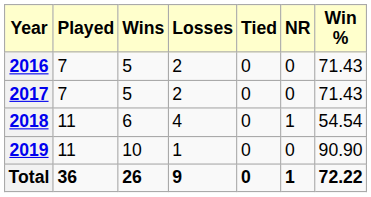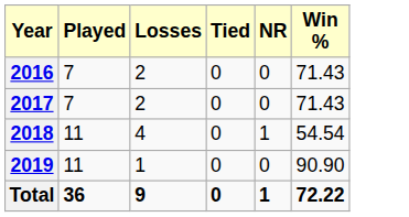 <table class="wikitable" style="width:25%;">
 <tr>
 <th style="background:#ffc;">Year</th>
 <th style="background:#ffc;">Played</th>
-<th style="background:#ffc;">Wins</th>
 <th style="background:#ffc;">Losses</th>
 <th style="background:#ffc;">Tied</th>
 <th style="background:#ffc;">NR</th>
 <th style="background:#ffc;">Win %</th>
 </tr>
 <tr>
 <th><a href='#'>2016</a></th>
 <td>7</td>
-<td>5</td>
 <td>2</td>
 <td>0</td>
 <td>0</td>
 <td>71.43</td>
 </tr>
 <tr>
 <th><a href='#'>2017</a></th>
 <td>7</td>
-<td>5</td>
 <td>2</td>
 <td>0</td>
 <td>0</td>
 <td>71.43</td>
 </tr>
 <tr>
 <th><a href='#'>2018</a></th>
 <td>11</td>
-<td>6</td>
 <td>4</td>
 <td>0</td>
 <td>1</td>
 <td>54.54</td>
 </tr>
 <tr>
 <th><a href='#'>2019</a></th>
 <td>11</td>
-<td>10</td>
 <td>1</td>
 <td>0</td>
 <td>0</td>
 <td>90.90</td>
 </tr>
 <tr>
 <th>Total</th>
 <td><strong>36</strong></td>
-<td><strong>26</strong></td>
 <td><strong>9</strong></td>
 <td><strong>0</strong></td>
 <td><strong>1</strong></td>
 <td><strong>72.22</strong></td>
 </tr>
 </table>
